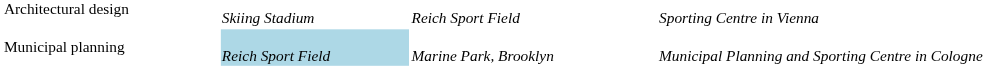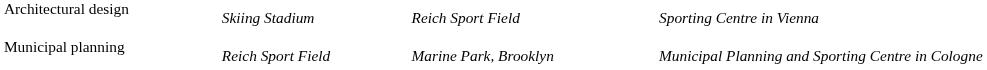 <table style="width:100%" >
 <tr>
 <td>Architectural design</td>
 <td><br><em>Skiing Stadium</em></td>
 <td><br><em>Reich Sport Field</em></td>
 <td><br><em>Sporting Centre in Vienna</em></td>
 </tr>
 <tr>
 <td>Municipal planning</td>
-<td style="background: lightblue;"><br><em>Reich Sport Field</em></td>
+<td><br><em>Reich Sport Field</em></td>
 <td><br><em>Marine Park, Brooklyn</em></td>
 <td><br><em>Municipal Planning and Sporting Centre in Cologne</em></td>
 </tr>
 </table>
